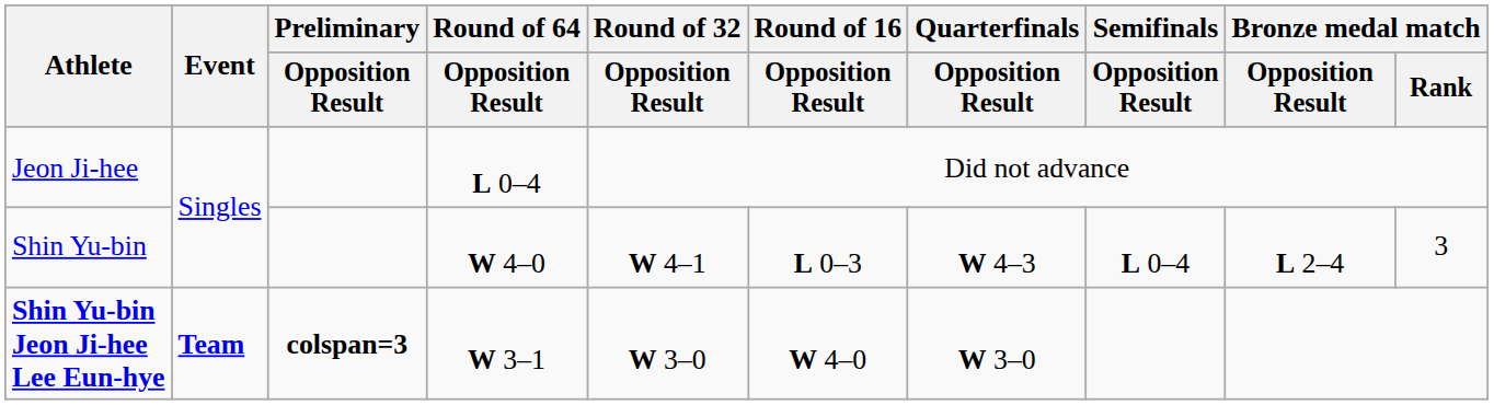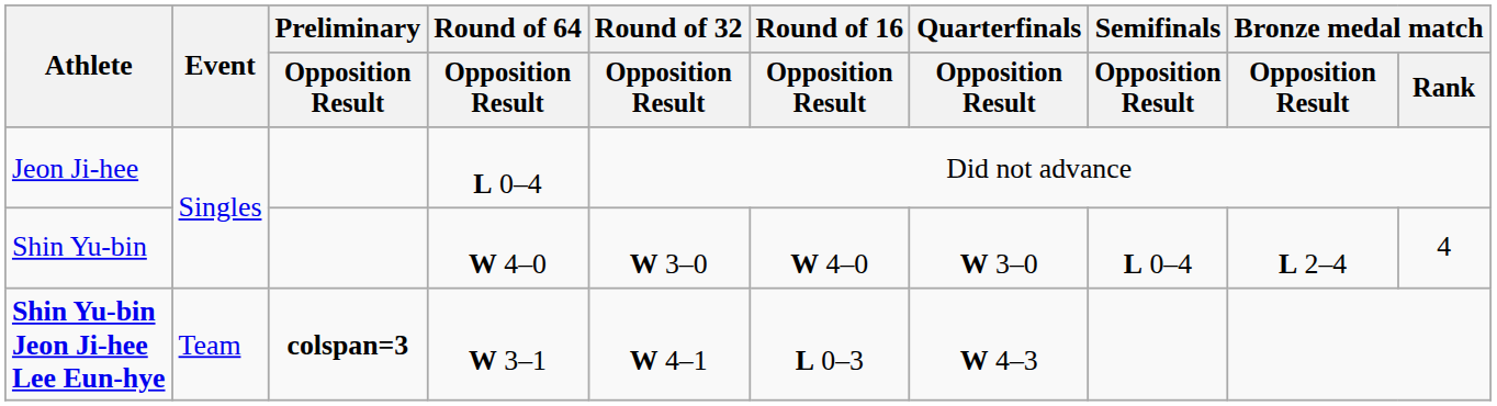 <table class=wikitable style=font-size:90%;text-align:center>
 <tr>
 <th rowspan=2>Athlete</th>
 <th rowspan=2>Event</th>
 <th>Preliminary</th>
 <th>Round of 64</th>
 <th>Round of 32</th>
 <th>Round of 16</th>
 <th>Quarterfinals</th>
 <th>Semifinals</th>
 <th colspan=2>Bronze medal match</th>
 </tr>
 <tr style=font-size:95%>
 <th>Opposition<br>Result</th>
 <th>Opposition<br>Result</th>
 <th>Opposition<br>Result</th>
 <th>Opposition<br>Result</th>
 <th>Opposition<br>Result</th>
 <th>Opposition<br>Result</th>
 <th>Opposition<br>Result</th>
 <th>Rank</th>
 </tr>
 <tr>
 <td align=left><a href='#'>Jeon Ji-hee</a></td>
 <td align=left rowspan=2><a href='#'>Singles</a></td>
 <td></td>
 <td><br><strong>L</strong> 0–4</td>
 <td colspan=6>Did not advance</td>
 </tr>
 <tr align=center>
 <td align=left><a href='#'>Shin Yu-bin</a></td>
 <td></td>
 <td><br><strong>W</strong> 4–0</td>
+<td><br><strong>W</strong> 3–0</td>
+<td><br><strong>W</strong> 4–0</td>
+<td><br><strong>W</strong> 3–0</td>
+<td><br><strong>L</strong> 0–4</td>
+<td><br><strong>L</strong> 2–4</td>
+<td>4</td>
+</tr>
+<tr>
+<td align=left><strong><a href='#'>Shin Yu-bin</a><br><a href='#'>Jeon Ji-hee</a><br><a href='#'>Lee Eun-hye</a></strong></td>
+<td align=left><a href='#'>Team</a></td>
+<td><strong>colspan=3 </strong></td>
+<td><br><strong>W</strong> 3–1</td>
 <td><br><strong>W</strong> 4–1</td>
 <td><br><strong>L</strong> 0–3</td>
 <td><br><strong>W</strong> 4–3</td>
-<td><br><strong>L</strong> 0–4</td>
-<td><br><strong>L</strong> 2–4</td>
-<td>3</td>
-</tr>
-<tr>
-<td align=left><strong><a href='#'>Shin Yu-bin</a><br><a href='#'>Jeon Ji-hee</a><br><a href='#'>Lee Eun-hye</a></strong></td>
-<td align=left><strong><a href='#'>Team</a></strong></td>
-<td><strong>colspan=3 </strong></td>
-<td><br><strong>W</strong> 3–1</td>
-<td><br><strong>W</strong> 3–0</td>
-<td><br><strong>W</strong> 4–0</td>
-<td><br><strong>W</strong> 3–0</td>
 <td></td>
 </tr>
 </table>
